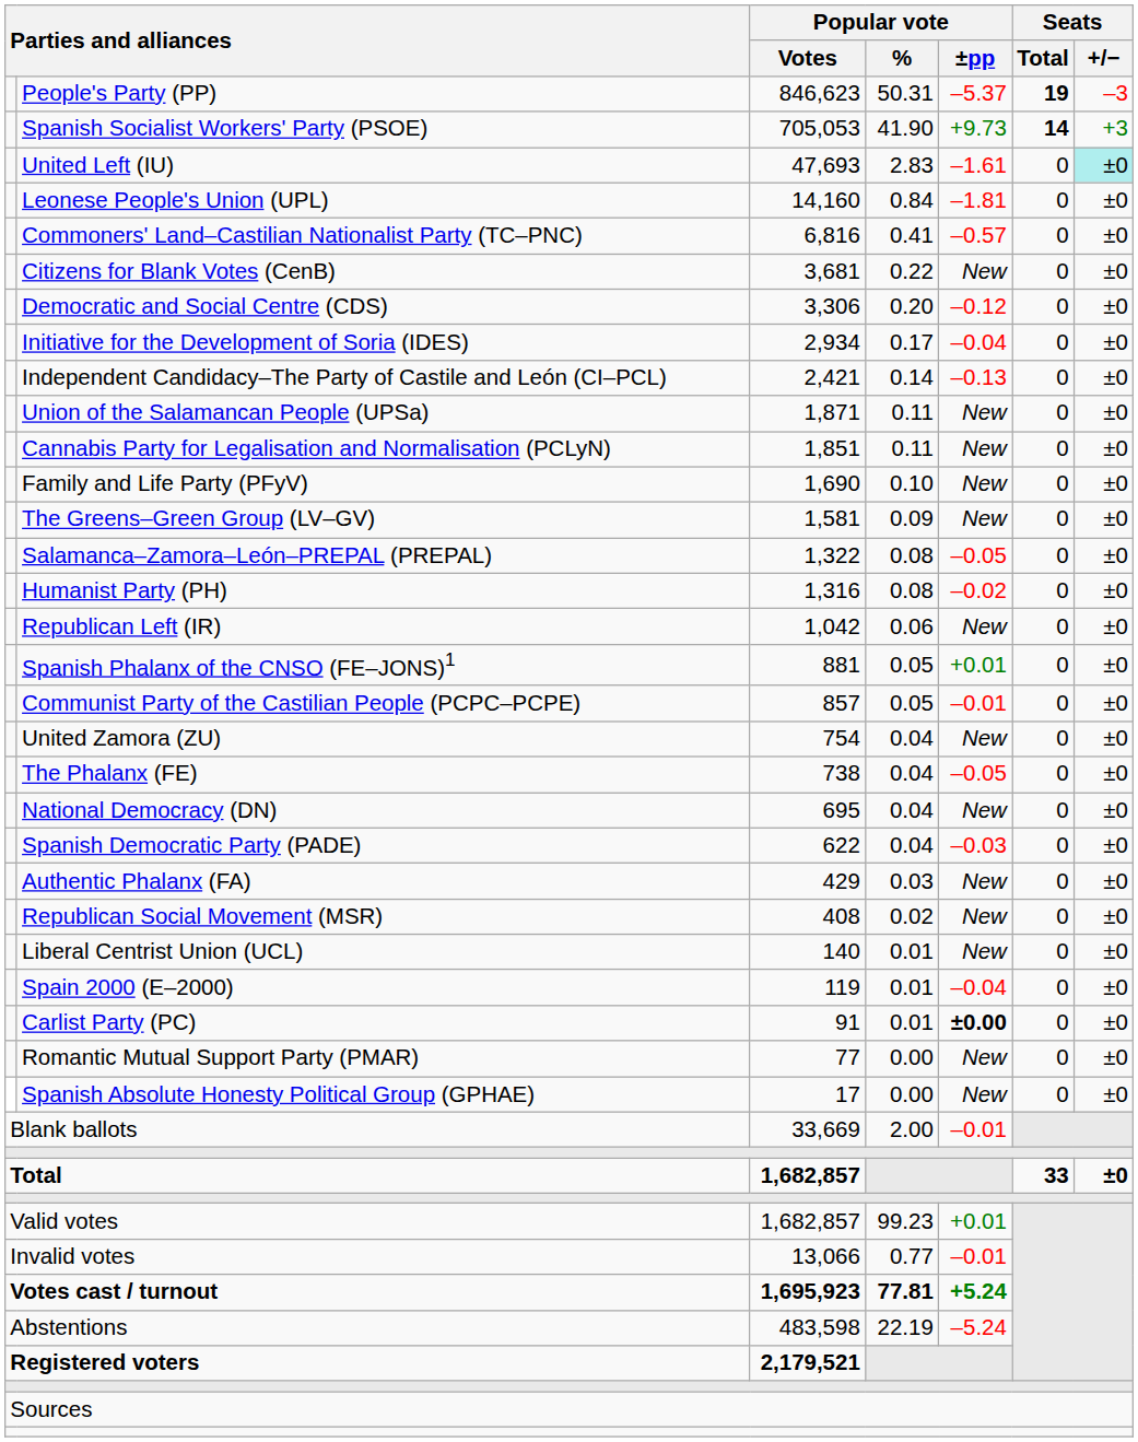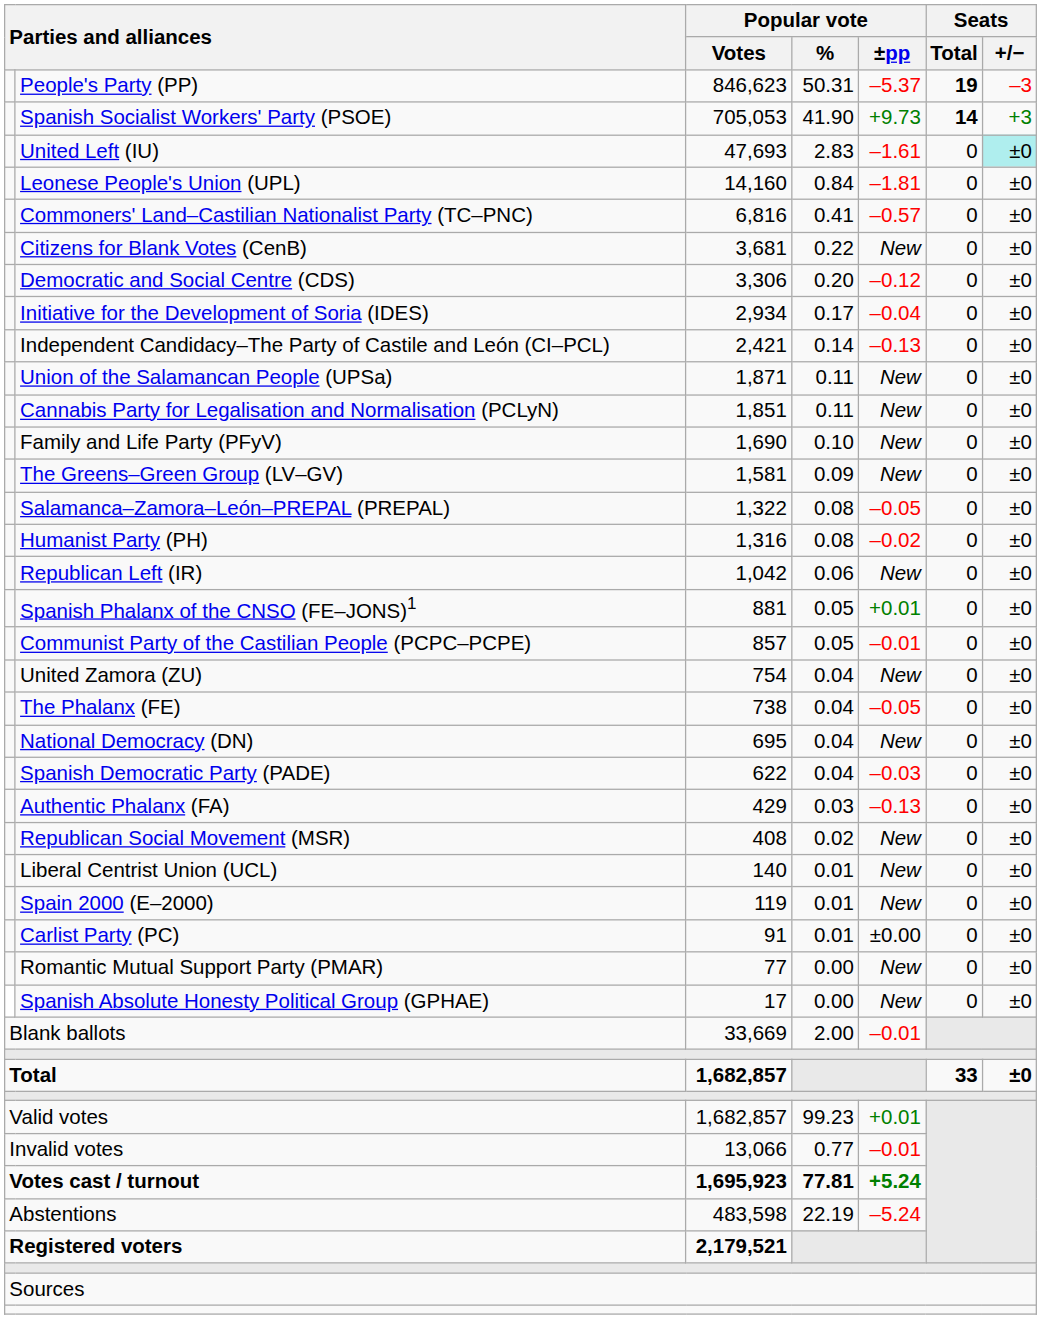 <table class="wikitable" style="text-align:right;">
 <tr>
 <th style="text-align:left;" rowspan="2" colspan="2" width="525">Parties and alliances</th>
 <th colspan="3">Popular vote</th>
 <th colspan="2">Seats</th>
 </tr>
 <tr>
 <th width="75">Votes</th>
 <th width="45">%</th>
 <th width="45">±<a href='#'>pp</a></th>
 <th width="35">Total</th>
 <th width="35">+/−</th>
 </tr>
 <tr>
 <td width="1" style="color:inherit;background:"></td>
 <td align="left"><a href='#'>People's Party</a> (PP)</td>
 <td>846,623</td>
 <td>50.31</td>
 <td style="color:red;">–5.37</td>
 <td><strong>19</strong></td>
 <td style="color:red;">–3</td>
 </tr>
 <tr>
 <td style="color:inherit;background:"></td>
 <td align="left"><a href='#'>Spanish Socialist Workers' Party</a> (PSOE)</td>
 <td>705,053</td>
 <td>41.90</td>
 <td style="color:green;">+9.73</td>
 <td><strong>14</strong></td>
 <td style="color:green;">+3</td>
 </tr>
 <tr>
 <td style="color:inherit;background:"></td>
 <td align="left"><a href='#'>United Left</a> (IU)</td>
 <td>47,693</td>
 <td>2.83</td>
 <td style="color:red;">–1.61</td>
 <td>0</td>
 <td style="background: paleturquoise;">±0</td>
 </tr>
 <tr>
 <td style="color:inherit;background:"></td>
 <td align="left"><a href='#'>Leonese People's Union</a> (UPL)</td>
 <td>14,160</td>
 <td>0.84</td>
 <td style="color:red;">–1.81</td>
 <td>0</td>
 <td>±0</td>
 </tr>
 <tr>
 <td style="color:inherit;background:"></td>
 <td align="left"><a href='#'>Commoners' Land–Castilian Nationalist Party</a> (TC–PNC)</td>
 <td>6,816</td>
 <td>0.41</td>
 <td style="color:red;">–0.57</td>
 <td>0</td>
 <td>±0</td>
 </tr>
 <tr>
 <td style="color:inherit;background:"></td>
 <td align="left"><a href='#'>Citizens for Blank Votes</a> (CenB)</td>
 <td>3,681</td>
 <td>0.22</td>
 <td><em>New</em></td>
 <td>0</td>
 <td>±0</td>
 </tr>
 <tr>
 <td style="color:inherit;background:"></td>
 <td align="left"><a href='#'>Democratic and Social Centre</a> (CDS)</td>
 <td>3,306</td>
 <td>0.20</td>
 <td style="color:red;">–0.12</td>
 <td>0</td>
 <td>±0</td>
 </tr>
 <tr>
 <td style="color:inherit;background:"></td>
 <td align="left"><a href='#'>Initiative for the Development of Soria</a> (IDES)</td>
 <td>2,934</td>
 <td>0.17</td>
 <td style="color:red;">–0.04</td>
 <td>0</td>
 <td>±0</td>
 </tr>
 <tr>
 <td style="color:inherit;background:"></td>
 <td align="left">Independent Candidacy–The Party of Castile and León (CI–PCL)</td>
 <td>2,421</td>
 <td>0.14</td>
 <td style="color:red;">–0.13</td>
 <td>0</td>
 <td>±0</td>
 </tr>
 <tr>
 <td style="color:inherit;background:"></td>
 <td align="left"><a href='#'>Union of the Salamancan People</a> (UPSa)</td>
 <td>1,871</td>
 <td>0.11</td>
 <td><em>New</em></td>
 <td>0</td>
 <td>±0</td>
 </tr>
 <tr>
 <td style="color:inherit;background:"></td>
 <td align="left"><a href='#'>Cannabis Party for Legalisation and Normalisation</a> (PCLyN)</td>
 <td>1,851</td>
 <td>0.11</td>
 <td><em>New</em></td>
 <td>0</td>
 <td>±0</td>
 </tr>
 <tr>
 <td style="color:inherit;background:"></td>
 <td align="left">Family and Life Party (PFyV)</td>
 <td>1,690</td>
 <td>0.10</td>
 <td><em>New</em></td>
 <td>0</td>
 <td>±0</td>
 </tr>
 <tr>
 <td style="color:inherit;background:"></td>
 <td align="left"><a href='#'>The Greens–Green Group</a> (LV–GV)</td>
 <td>1,581</td>
 <td>0.09</td>
 <td><em>New</em></td>
 <td>0</td>
 <td>±0</td>
 </tr>
 <tr>
 <td style="color:inherit;background:"></td>
 <td align="left"><a href='#'>Salamanca–Zamora–León–PREPAL</a> (PREPAL)</td>
 <td>1,322</td>
 <td>0.08</td>
 <td style="color:red;">–0.05</td>
 <td>0</td>
 <td>±0</td>
 </tr>
 <tr>
 <td style="color:inherit;background:"></td>
 <td align="left"><a href='#'>Humanist Party</a> (PH)</td>
 <td>1,316</td>
 <td>0.08</td>
 <td style="color:red;">–0.02</td>
 <td>0</td>
 <td>±0</td>
 </tr>
 <tr>
 <td style="color:inherit;background:"></td>
 <td align="left"><a href='#'>Republican Left</a> (IR)</td>
 <td>1,042</td>
 <td>0.06</td>
 <td><em>New</em></td>
 <td>0</td>
 <td>±0</td>
 </tr>
 <tr>
 <td style="color:inherit;background:"></td>
 <td align="left"><a href='#'>Spanish Phalanx of the CNSO</a> (FE–JONS)<sup>1</sup></td>
 <td>881</td>
 <td>0.05</td>
 <td style="color:green;">+0.01</td>
 <td>0</td>
 <td>±0</td>
 </tr>
 <tr>
 <td style="color:inherit;background:"></td>
 <td align="left"><a href='#'>Communist Party of the Castilian People</a> (PCPC–PCPE)</td>
 <td>857</td>
 <td>0.05</td>
 <td style="color:red;">–0.01</td>
 <td>0</td>
 <td>±0</td>
 </tr>
 <tr>
 <td style="color:inherit;background:"></td>
 <td align="left">United Zamora (ZU)</td>
 <td>754</td>
 <td>0.04</td>
 <td><em>New</em></td>
 <td>0</td>
 <td>±0</td>
 </tr>
 <tr>
 <td style="color:inherit;background:"></td>
 <td align="left"><a href='#'>The Phalanx</a> (FE)</td>
 <td>738</td>
 <td>0.04</td>
 <td style="color:red;">–0.05</td>
 <td>0</td>
 <td>±0</td>
 </tr>
 <tr>
 <td style="color:inherit;background:"></td>
 <td align="left"><a href='#'>National Democracy</a> (DN)</td>
 <td>695</td>
 <td>0.04</td>
 <td><em>New</em></td>
 <td>0</td>
 <td>±0</td>
 </tr>
 <tr>
 <td style="color:inherit;background:"></td>
 <td align="left"><a href='#'>Spanish Democratic Party</a> (PADE)</td>
 <td>622</td>
 <td>0.04</td>
 <td style="color:red;">–0.03</td>
 <td>0</td>
 <td>±0</td>
 </tr>
 <tr>
 <td style="color:inherit;background:"></td>
 <td align="left"><a href='#'>Authentic Phalanx</a> (FA)</td>
 <td>429</td>
 <td>0.03</td>
-<td><em>New</em></td>
+<td style="color:red;">–0.13</td>
 <td>0</td>
 <td>±0</td>
 </tr>
 <tr>
 <td style="color:inherit;background:"></td>
 <td align="left"><a href='#'>Republican Social Movement</a> (MSR)</td>
 <td>408</td>
 <td>0.02</td>
 <td><em>New</em></td>
 <td>0</td>
 <td>±0</td>
 </tr>
 <tr>
 <td style="color:inherit;background:"></td>
 <td align="left">Liberal Centrist Union (UCL)</td>
 <td>140</td>
 <td>0.01</td>
 <td><em>New</em></td>
 <td>0</td>
 <td>±0</td>
 </tr>
 <tr>
 <td style="color:inherit;background:"></td>
 <td align="left"><a href='#'>Spain 2000</a> (E–2000)</td>
 <td>119</td>
 <td>0.01</td>
-<td style="color:red;">–0.04</td>
+<td><em>New</em></td>
 <td>0</td>
 <td>±0</td>
 </tr>
 <tr>
 <td style="color:inherit;background:"></td>
 <td align="left"><a href='#'>Carlist Party</a> (PC)</td>
 <td>91</td>
 <td>0.01</td>
-<td><strong>±0.00</strong></td>
+<td>±0.00</td>
 <td>0</td>
 <td>±0</td>
 </tr>
 <tr>
 <td style="color:inherit;background:"></td>
 <td align="left">Romantic Mutual Support Party (PMAR)</td>
 <td>77</td>
 <td>0.00</td>
 <td><em>New</em></td>
 <td>0</td>
 <td>±0</td>
 </tr>
 <tr>
 <td bgcolor="white"></td>
 <td align="left"><a href='#'>Spanish Absolute Honesty Political Group</a> (GPHAE)</td>
 <td>17</td>
 <td>0.00</td>
 <td><em>New</em></td>
 <td>0</td>
 <td>±0</td>
 </tr>
 <tr>
 <td align="left" colspan="2">Blank ballots</td>
 <td>33,669</td>
 <td>2.00</td>
 <td style="color:red;">–0.01</td>
 <td bgcolor="#E9E9E9" colspan="2"></td>
 </tr>
 <tr>
 <td colspan="7" bgcolor="#E9E9E9"></td>
 </tr>
 <tr style="font-weight:bold;">
 <td align="left" colspan="2">Total</td>
 <td>1,682,857</td>
 <td bgcolor="#E9E9E9" colspan="2"></td>
 <td>33</td>
 <td>±0</td>
 </tr>
 <tr>
 <td colspan="7" bgcolor="#E9E9E9"></td>
 </tr>
 <tr>
 <td align="left" colspan="2">Valid votes</td>
 <td>1,682,857</td>
 <td>99.23</td>
 <td style="color:green;">+0.01</td>
 <td bgcolor="#E9E9E9" colspan="2" rowspan="5"></td>
 </tr>
 <tr>
 <td align="left" colspan="2">Invalid votes</td>
 <td>13,066</td>
 <td>0.77</td>
 <td style="color:red;">–0.01</td>
 </tr>
 <tr style="font-weight:bold;">
 <td align="left" colspan="2">Votes cast / turnout</td>
 <td>1,695,923</td>
 <td>77.81</td>
 <td style="color:green;">+5.24</td>
 </tr>
 <tr>
 <td align="left" colspan="2">Abstentions</td>
 <td>483,598</td>
 <td>22.19</td>
 <td style="color:red;">–5.24</td>
 </tr>
 <tr style="font-weight:bold;">
 <td align="left" colspan="2">Registered voters</td>
 <td>2,179,521</td>
 <td bgcolor="#E9E9E9" colspan="2"></td>
 </tr>
 <tr>
 <td colspan="7" bgcolor="#E9E9E9"></td>
 </tr>
 <tr>
 <td align="left" colspan="7">Sources</td>
 </tr>
 <tr>
 <td colspan="7" style="text-align:left; max-width:790px;"></td>
 </tr>
 </table>
